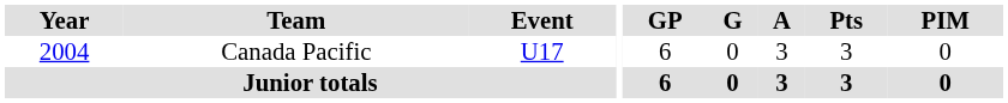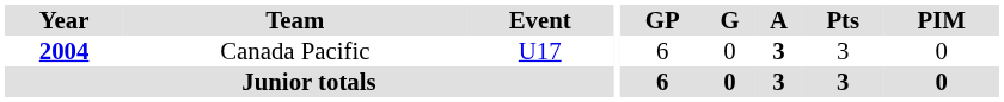 <table border="0" cellpadding="1" cellspacing="0" ID="Table3" style="text-align:center; width:40em">
 <tr ALIGN="center" bgcolor="#e0e0e0">
 <th>Year</th>
 <th>Team</th>
 <th>Event</th>
 <th rowspan="99" bgcolor="#ffffff"></th>
 <th>GP</th>
 <th>G</th>
 <th>A</th>
 <th>Pts</th>
 <th>PIM</th>
 </tr>
 <tr>
-<td><a href='#'>2004</a></td>
+<td><strong><a href='#'>2004</a></strong></td>
 <td>Canada Pacific</td>
 <td><a href='#'>U17</a></td>
 <td>6</td>
 <td>0</td>
-<td>3</td>
+<td><strong>3</strong></td>
 <td>3</td>
 <td>0</td>
 </tr>
 <tr bgcolor="#e0e0e0">
 <th colspan="3">Junior totals</th>
 <th>6</th>
 <th>0</th>
 <th>3</th>
 <th>3</th>
 <th>0</th>
 </tr>
 </table>
